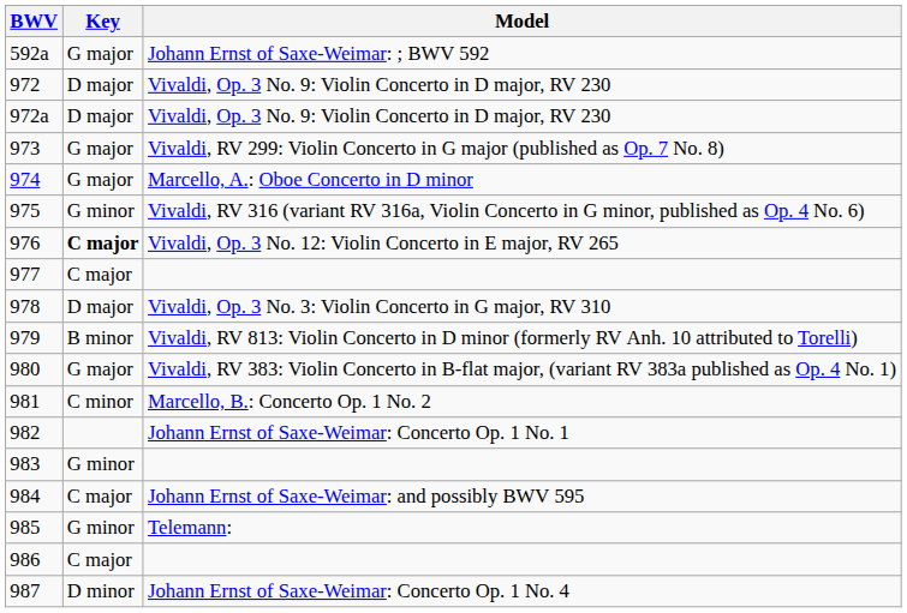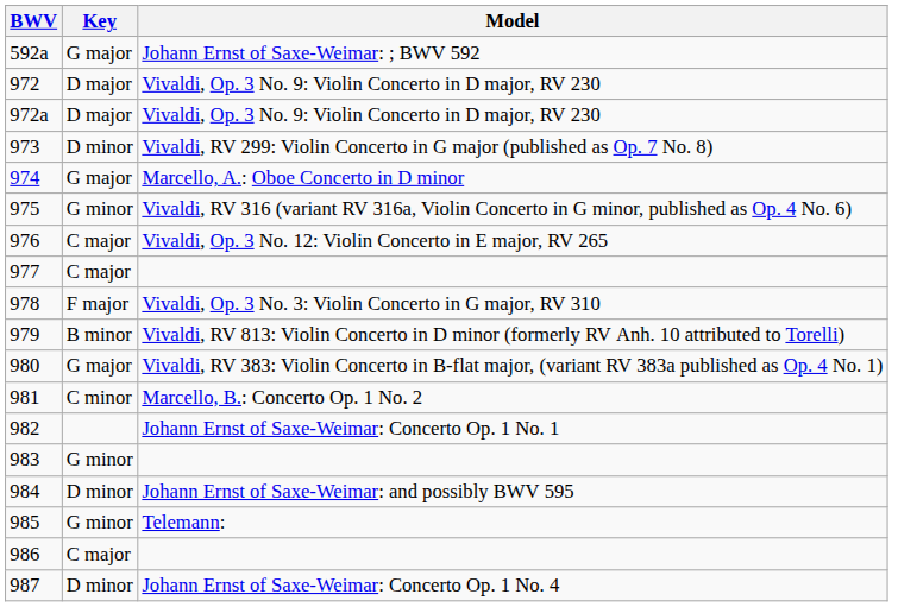 <table class="wikitable sortable">
 <tr>
 <th scope="col"><a href='#'>BWV</a></th>
 <th scope="col"><a href='#'>Key</a></th>
 <th scope="col">Model</th>
 </tr>
 <tr>
 <td>592a</td>
 <td>G major</td>
 <td><a href='#'>Johann Ernst of Saxe-Weimar</a>: ; BWV 592</td>
 </tr>
 <tr>
 <td>972</td>
 <td>D major</td>
 <td data-sort-value="Vivaldi, Op."><a href='#'>Vivaldi</a>, <a href='#'>Op. 3</a> No. 9: Violin Concerto in D major, RV 230</td>
 </tr>
 <tr>
 <td>972a</td>
 <td>D major</td>
 <td data-sort-value="Vivaldi, Op."><a href='#'>Vivaldi</a>, <a href='#'>Op. 3</a> No. 9: Violin Concerto in D major, RV 230</td>
 </tr>
 <tr>
 <td>973</td>
-<td>G major</td>
+<td>D minor</td>
 <td><a href='#'>Vivaldi</a>, RV 299: Violin Concerto in G major (published as <a href='#'>Op. 7</a> No. 8)</td>
 </tr>
 <tr>
 <td><a href='#'>974</a></td>
 <td>G major</td>
 <td><a href='#'>Marcello, A.</a>: <a href='#'>Oboe Concerto in D minor</a></td>
 </tr>
 <tr>
 <td>975</td>
 <td>G minor</td>
 <td><a href='#'>Vivaldi</a>, RV 316 (variant RV 316a, Violin Concerto in G minor, published as <a href='#'>Op. 4</a> No. 6)</td>
 </tr>
 <tr>
 <td>976</td>
-<td><strong>C major</strong></td>
+<td>C major</td>
 <td><a href='#'>Vivaldi</a>, <a href='#'>Op. 3</a> No. 12: Violin Concerto in E major, RV 265</td>
 </tr>
 <tr>
 <td>977</td>
 <td>C major</td>
 <td></td>
 </tr>
 <tr>
 <td>978</td>
-<td>D major</td>
+<td>F major</td>
 <td data-sort-value="Vivaldi, Op."><a href='#'>Vivaldi</a>, <a href='#'>Op. 3</a> No. 3: Violin Concerto in G major, RV 310</td>
 </tr>
 <tr>
 <td>979</td>
 <td>B minor</td>
 <td><a href='#'>Vivaldi</a>, RV 813: Violin Concerto in D minor (formerly RV Anh. 10 attributed to <a href='#'>Torelli</a>)</td>
 </tr>
 <tr>
 <td>980</td>
 <td>G major</td>
 <td><a href='#'>Vivaldi</a>, RV 383: Violin Concerto in B-flat major, (variant RV 383a published as <a href='#'>Op. 4</a> No. 1)</td>
 </tr>
 <tr>
 <td>981</td>
 <td>C minor</td>
 <td><a href='#'>Marcello, B.</a>: Concerto Op. 1 No. 2</td>
 </tr>
 <tr>
 <td>982</td>
 <td></td>
 <td><a href='#'>Johann Ernst of Saxe-Weimar</a>: Concerto Op. 1 No. 1</td>
 </tr>
 <tr>
 <td>983</td>
 <td>G minor</td>
 <td></td>
 </tr>
 <tr>
 <td>984</td>
-<td>C major</td>
+<td>D minor</td>
 <td><a href='#'>Johann Ernst of Saxe-Weimar</a>:  and possibly BWV 595</td>
 </tr>
 <tr>
 <td>985</td>
 <td>G minor</td>
 <td><a href='#'>Telemann</a>: </td>
 </tr>
 <tr>
 <td>986</td>
 <td>C major</td>
 <td></td>
 </tr>
 <tr>
 <td>987</td>
 <td>D minor</td>
 <td><a href='#'>Johann Ernst of Saxe-Weimar</a>: Concerto Op. 1 No. 4</td>
 </tr>
 </table>
